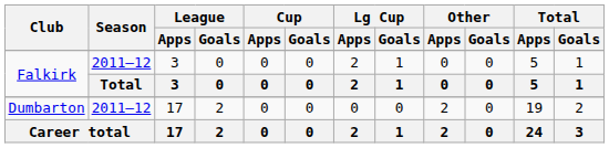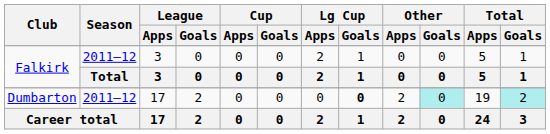 <table class="wikitable" style="text-align:center">
 <tr>
 <th rowspan="2">Club</th>
 <th rowspan="2">Season</th>
 <th colspan="2">League</th>
 <th colspan="2">Cup</th>
 <th colspan="2">Lg Cup</th>
 <th colspan="2">Other</th>
 <th colspan="2">Total</th>
 </tr>
 <tr>
 <th>Apps</th>
 <th>Goals</th>
 <th>Apps</th>
 <th>Goals</th>
 <th>Apps</th>
 <th>Goals</th>
 <th>Apps</th>
 <th>Goals</th>
 <th>Apps</th>
 <th>Goals</th>
 </tr>
 <tr>
 </tr>
 <tr>
 <td rowspan="2"><a href='#'>Falkirk</a></td>
 <td><a href='#'>2011–12</a></td>
 <td>3</td>
 <td>0</td>
 <td>0</td>
 <td>0</td>
 <td>2</td>
 <td>1</td>
 <td>0</td>
 <td>0</td>
 <td>5</td>
 <td>1</td>
 </tr>
 <tr>
 <th>Total</th>
 <th>3</th>
 <th>0</th>
 <th>0</th>
 <th>0</th>
 <th>2</th>
 <th>1</th>
 <th>0</th>
 <th>0</th>
 <th>5</th>
 <th>1</th>
 </tr>
 <tr>
 </tr>
 <tr>
 <td rowspan="1"><a href='#'>Dumbarton</a></td>
 <td><a href='#'>2011–12</a></td>
 <td>17</td>
 <td>2</td>
 <td>0</td>
 <td>0</td>
 <td>0</td>
-<td>0</td>
+<td><strong>0</strong></td>
 <td>2</td>
-<td>0</td>
+<td style="background: paleturquoise;">0</td>
 <td>19</td>
-<td>2</td>
+<td style="background: paleturquoise;">2</td>
 </tr>
 <tr>
 <th colspan="2">Career total</th>
 <th>17</th>
 <th>2</th>
 <th>0</th>
 <th>0</th>
 <th>2</th>
 <th>1</th>
 <th>2</th>
 <th>0</th>
 <th>24</th>
 <th>3</th>
 </tr>
 </table>
